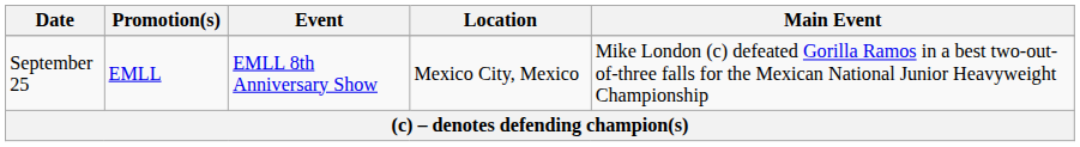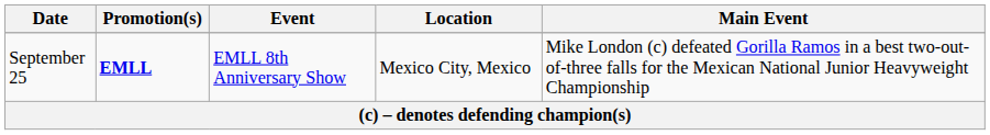 <table class="wikitable" style="width:100%;">
 <tr>
 <th width=5%>Date</th>
 <th width=5%>Promotion(s)</th>
 <th style="width:15%;">Event</th>
 <th style="width:15%;">Location</th>
 <th style="width:40%;">Main Event</th>
 </tr>
 <tr style="width:20%;"| Notes>
 </tr>
 <tr>
 <td>September 25</td>
-<td><a href='#'>EMLL</a></td>
+<td><strong><a href='#'>EMLL</a></strong></td>
 <td><a href='#'>EMLL 8th Anniversary Show</a></td>
 <td>Mexico City, Mexico</td>
 <td>Mike London (c) defeated <a href='#'>Gorilla Ramos</a> in a best two-out-of-three falls for the Mexican National Junior Heavyweight Championship</td>
 </tr>
 <tr>
 <th colspan="5">(c) – denotes defending champion(s)</th>
 </tr>
 </table>
